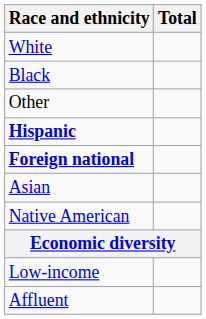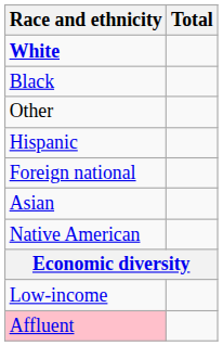 <table class="wikitable floatright sortable collapsible"; text-align:right; font-size:80%;">
 <tr>
 <th>Race and ethnicity</th>
 <th colspan="2" data-sort-type=number>Total</th>
 </tr>
 <tr>
-<td><a href='#'>White</a></td>
+<td><strong><a href='#'>White</a></strong></td>
 <td align=right></td>
 </tr>
 <tr>
 <td><a href='#'>Black</a></td>
 <td align=right></td>
 </tr>
 <tr>
 <td>Other</td>
 <td align=right></td>
 </tr>
 <tr>
-<td><strong><a href='#'>Hispanic</a></strong></td>
+<td><a href='#'>Hispanic</a></td>
 <td align=right></td>
 </tr>
 <tr>
-<td><strong><a href='#'>Foreign national</a></strong></td>
+<td><a href='#'>Foreign national</a></td>
 <td align=right></td>
 </tr>
 <tr>
 <td><a href='#'>Asian</a></td>
 <td align=right></td>
 </tr>
 <tr>
 <td><a href='#'>Native American</a></td>
 <td align=right></td>
 </tr>
 <tr>
 <th colspan="4" data-sort-type=number><a href='#'>Economic diversity</a></th>
 </tr>
 <tr>
 <td><a href='#'>Low-income</a></td>
 <td align=right></td>
 </tr>
 <tr>
-<td><a href='#'>Affluent</a></td>
+<td style="background: pink;"><a href='#'>Affluent</a></td>
 <td align=right></td>
 </tr>
 </table>
